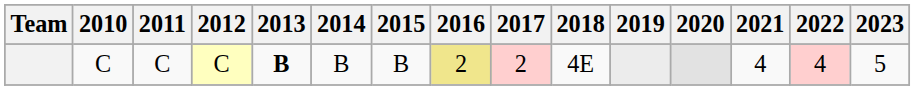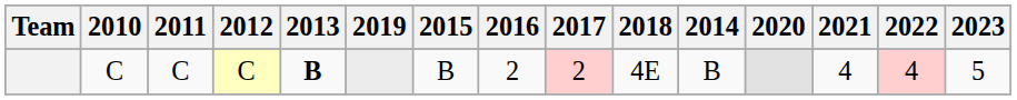 <table class="wikitable" style="font-size:85%; text-align:center;">
 <tr>
 <th scope="col">Team</th>
 <th scope="col">2010</th>
 <th scope="col">2011</th>
 <th scope="col">2012</th>
 <th scope="col">2013</th>
-<th scope="col">2014</th>
+<th scope="col">2019</th>
 <th scope="col">2015</th>
 <th scope="col">2016</th>
 <th scope="col">2017</th>
 <th scope="col">2018</th>
-<th scope="col">2019</th>
+<th scope="col">2014</th>
 <th scope="col">2020</th>
 <th scope="col">2021</th>
 <th scope="col">2022</th>
 <th scope="col">2023</th>
 </tr>
 <tr>
 <th scope="row"></th>
 <td>C</td>
 <td>C</td>
 <td bgcolor="#ffffbf">C</td>
 <td><strong>B</strong></td>
+<td bgcolor="#ececec"></td>
 <td>B</td>
-<td>B</td>
-<td style="background: khaki;">2</td>
+<td>2</td>
 <td bgcolor="#ffcfcf">2</td>
 <td>4E</td>
-<td bgcolor="#ececec"></td>
+<td>B</td>
 <td bgcolor="#e2e2e2"></td>
 <td>4</td>
 <td bgcolor="#ffcfcf">4</td>
 <td>5</td>
 </tr>
 </table>
